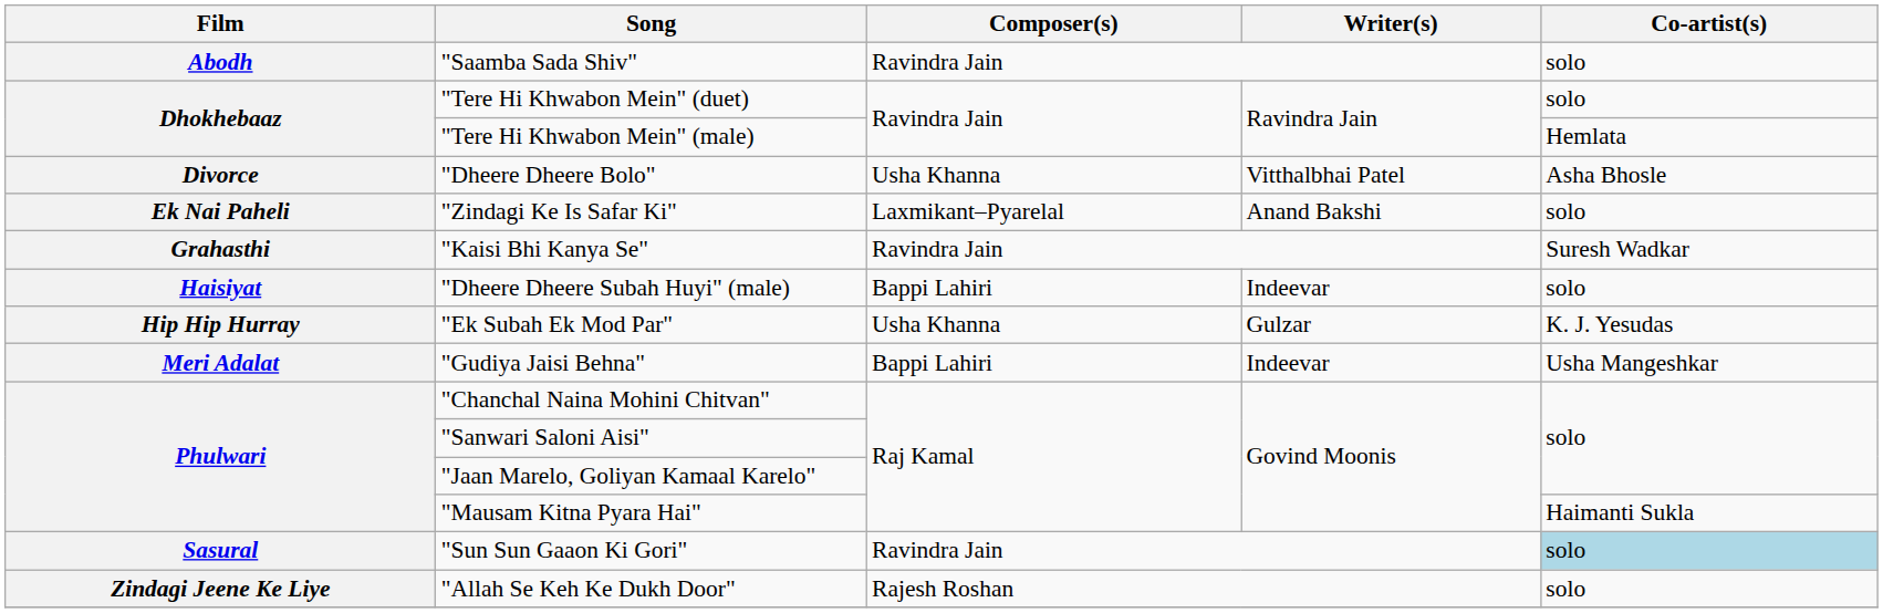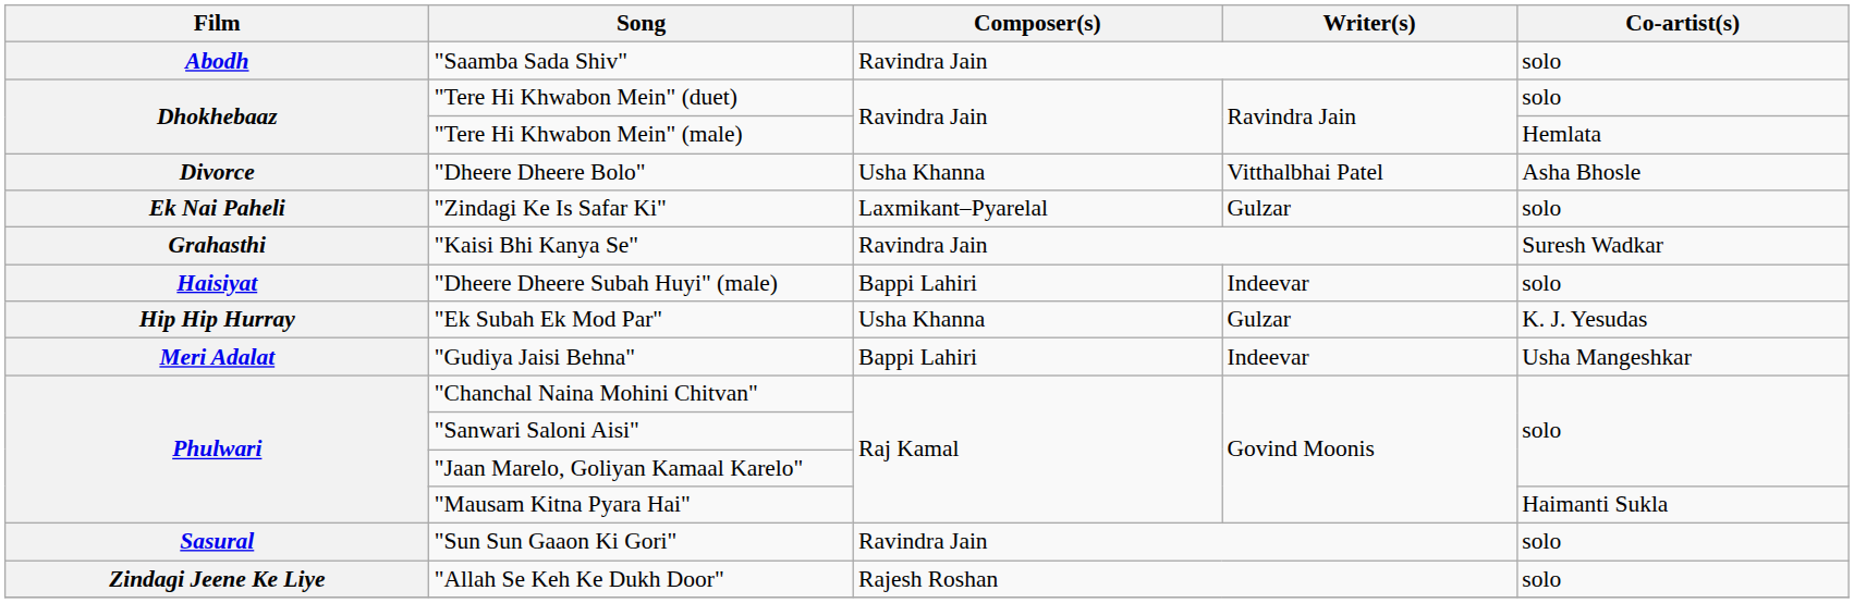 <table class="wikitable plainrowheaders" style="width:100%;" textcolor:#000;">
 <tr style="background:#b0e0e66;">
 <th scope="col" style="width:23%;"><strong>Film</strong></th>
 <th scope="col" style="width:23%;"><strong>Song</strong></th>
 <th scope="col" style="width:20%;"><strong>Composer(s)</strong></th>
 <th scope="col" style="width:16%;"><strong>Writer(s)</strong></th>
 <th scope="col" style="width:18%;"><strong>Co-artist(s)</strong></th>
 </tr>
 <tr>
 <th><em><a href='#'>Abodh</a></em></th>
 <td>"Saamba Sada Shiv"</td>
 <td colspan=2>Ravindra Jain</td>
 <td>solo</td>
 </tr>
 <tr>
 <th rowspan=2><em>Dhokhebaaz</em></th>
 <td>"Tere Hi Khwabon Mein" (duet)</td>
 <td rowspan=2>Ravindra Jain</td>
 <td Rowspan=2>Ravindra Jain</td>
 <td>solo</td>
 </tr>
 <tr>
 <td>"Tere Hi Khwabon Mein" (male)</td>
 <td>Hemlata</td>
 </tr>
 <tr>
 <th Rowspan=1><em>Divorce</em></th>
 <td>"Dheere Dheere Bolo"</td>
 <td rowspan=1>Usha Khanna</td>
 <td rowspan=1>Vitthalbhai Patel</td>
 <td>Asha Bhosle</td>
 </tr>
 <tr>
 <th><em>Ek Nai Paheli</em></th>
 <td>"Zindagi Ke Is Safar Ki"</td>
 <td>Laxmikant–Pyarelal</td>
-<td>Anand Bakshi</td>
+<td>Gulzar</td>
 <td>solo</td>
 </tr>
 <tr>
 <th><em>Grahasthi</em></th>
 <td>"Kaisi Bhi Kanya Se"</td>
 <td colspan=2>Ravindra Jain</td>
 <td>Suresh Wadkar</td>
 </tr>
 <tr>
 <th Rowspan=1><em><a href='#'>Haisiyat</a></em></th>
 <td>"Dheere Dheere Subah Huyi" (male)</td>
 <td rowspan=1>Bappi Lahiri</td>
 <td rowspan=1>Indeevar</td>
 <td>solo</td>
 </tr>
 <tr>
 <th><em>Hip Hip Hurray</em></th>
 <td>"Ek Subah Ek Mod Par"</td>
 <td rowspan=1>Usha Khanna</td>
 <td>Gulzar</td>
 <td>K. J. Yesudas</td>
 </tr>
 <tr>
 <th><em><a href='#'>Meri Adalat</a></em></th>
 <td>"Gudiya Jaisi Behna"</td>
 <td>Bappi Lahiri</td>
 <td>Indeevar</td>
 <td>Usha Mangeshkar</td>
 </tr>
 <tr>
 <th Rowspan=4><em><a href='#'>Phulwari</a></em></th>
 <td>"Chanchal Naina Mohini Chitvan"</td>
 <td rowspan=4>Raj Kamal</td>
 <td rowspan=4>Govind Moonis</td>
 <td rowspan=3>solo</td>
 </tr>
 <tr>
 <td>"Sanwari Saloni Aisi"</td>
 </tr>
 <tr>
 <td>"Jaan Marelo, Goliyan Kamaal Karelo"</td>
 </tr>
 <tr>
 <td>"Mausam Kitna Pyara Hai"</td>
 <td>Haimanti Sukla</td>
 </tr>
 <tr>
 <th><em><a href='#'>Sasural</a></em></th>
 <td>"Sun Sun Gaaon Ki Gori"</td>
 <td colspan=2>Ravindra Jain</td>
-<td style="background: lightblue;">solo</td>
+<td>solo</td>
 </tr>
 <tr>
 <th><em>Zindagi Jeene Ke Liye</em></th>
 <td>"Allah Se Keh Ke Dukh Door"</td>
 <td colspan=2>Rajesh Roshan</td>
 <td>solo</td>
 </tr>
 <tr>
 </tr>
 </table>
